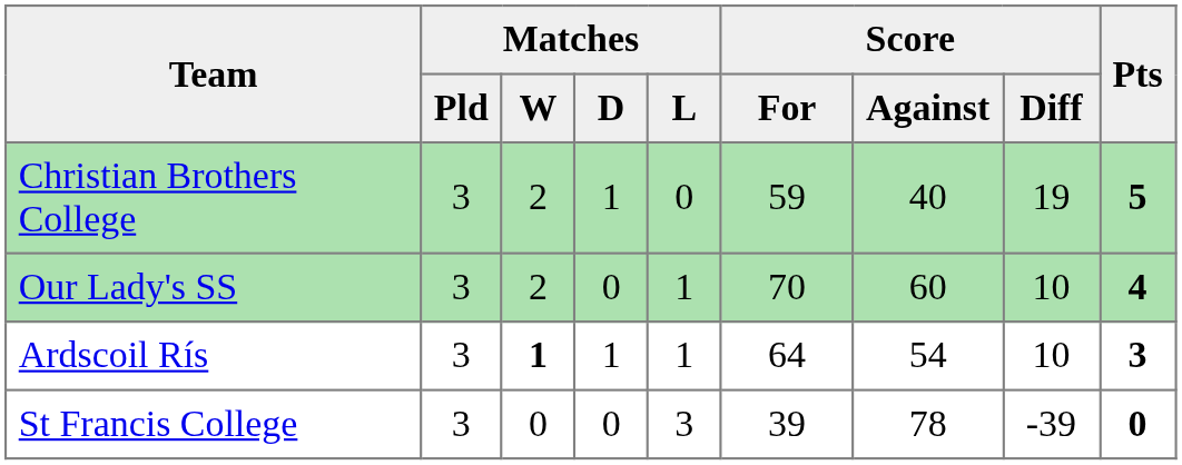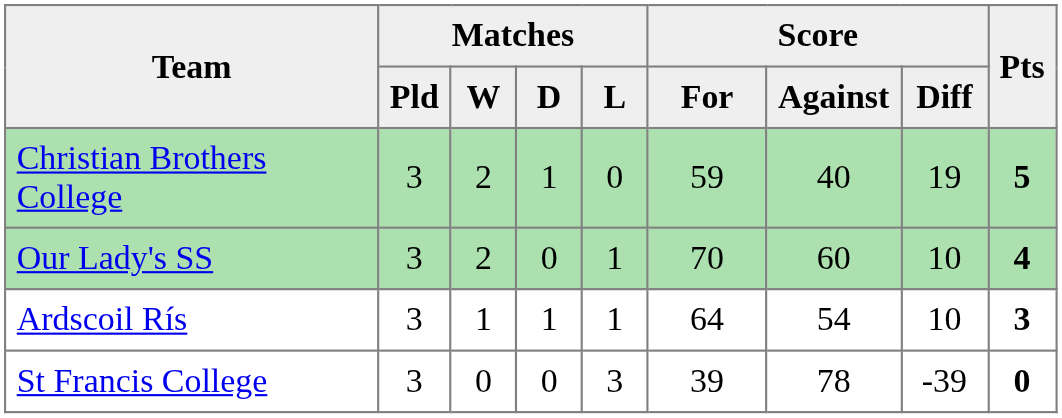 <table style=border-collapse:collapse border=1 cellspacing=0 cellpadding=5>
 <tr align=center bgcolor=#efefef>
 <th rowspan=2 width=165>Team</th>
 <th colspan=4>Matches</th>
 <th colspan=3>Score</th>
 <th rowspan=2width=20>Pts</th>
 </tr>
 <tr align=center bgcolor=#efefef>
 <th width=20>Pld</th>
 <th width=20>W</th>
 <th width=20>D</th>
 <th width=20>L</th>
 <th width=45>For</th>
 <th width=45>Against</th>
 <th width=30>Diff</th>
 </tr>
 <tr align=center style="background:#ACE1AF;">
 <td style="text-align:left;"><a href='#'>Christian Brothers College</a></td>
 <td>3</td>
 <td>2</td>
 <td>1</td>
 <td>0</td>
 <td>59</td>
 <td>40</td>
 <td>19</td>
 <td><strong>5</strong></td>
 </tr>
 <tr align=center style="background:#ACE1AF;">
 <td style="text-align:left;"><a href='#'>Our Lady's SS</a></td>
 <td>3</td>
 <td>2</td>
 <td>0</td>
 <td>1</td>
 <td>70</td>
 <td>60</td>
 <td>10</td>
 <td><strong>4</strong></td>
 </tr>
 <tr align=center>
 <td style="text-align:left;"><a href='#'>Ardscoil Rís</a></td>
 <td>3</td>
-<td><strong>1</strong></td>
+<td>1</td>
 <td>1</td>
 <td>1</td>
 <td>64</td>
 <td>54</td>
 <td>10</td>
 <td><strong>3</strong></td>
 </tr>
 <tr align=center>
 <td style="text-align:left;"><a href='#'>St Francis College</a></td>
 <td>3</td>
 <td>0</td>
 <td>0</td>
 <td>3</td>
 <td>39</td>
 <td>78</td>
 <td>-39</td>
 <td><strong>0</strong></td>
 </tr>
 </table>
